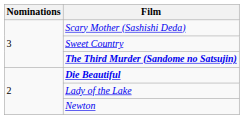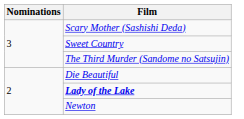 <table class="wikitable">
 <tr>
 <th>Nominations</th>
 <th>Film</th>
 </tr>
 <tr>
 <td rowspan="3">3</td>
 <td><em><a href='#'>Scary Mother (Sashishi Deda)</a></em></td>
 </tr>
 <tr>
 <td><em><a href='#'>Sweet Country</a></em></td>
 </tr>
 <tr>
-<td><strong><a href='#'><em>The Third Murder (Sandome no Satsujin)</em></a></strong></td>
+<td><a href='#'><em>The Third Murder (Sandome no Satsujin)</em></a></td>
 </tr>
 <tr>
 <td rowspan="3">2</td>
-<td><strong><em><a href='#'>Die Beautiful</a></em></strong></td>
+<td><em><a href='#'>Die Beautiful</a></em></td>
 </tr>
 <tr>
-<td><em><a href='#'>Lady of the Lake</a></em></td>
+<td><strong><em><a href='#'>Lady of the Lake</a></em></strong></td>
 </tr>
 <tr>
 <td><em><a href='#'>Newton</a></em></td>
 </tr>
 </table>
